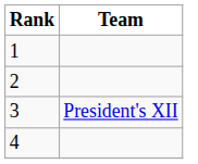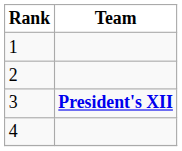 <table class="wikitable collapsible">
 <tr>
 <th style="background:white;">Rank</th>
 <th style="background:white;">Team</th>
 </tr>
 <tr>
 <td>1</td>
 <td></td>
 </tr>
 <tr>
 <td>2</td>
 <td></td>
 </tr>
 <tr>
 <td>3</td>
-<td> <a href='#'>President's XII</a></td>
+<td><strong> <a href='#'>President's XII</a></strong></td>
 </tr>
 <tr>
 <td>4</td>
 <td></td>
 </tr>
 <tr>
 </tr>
 </table>
